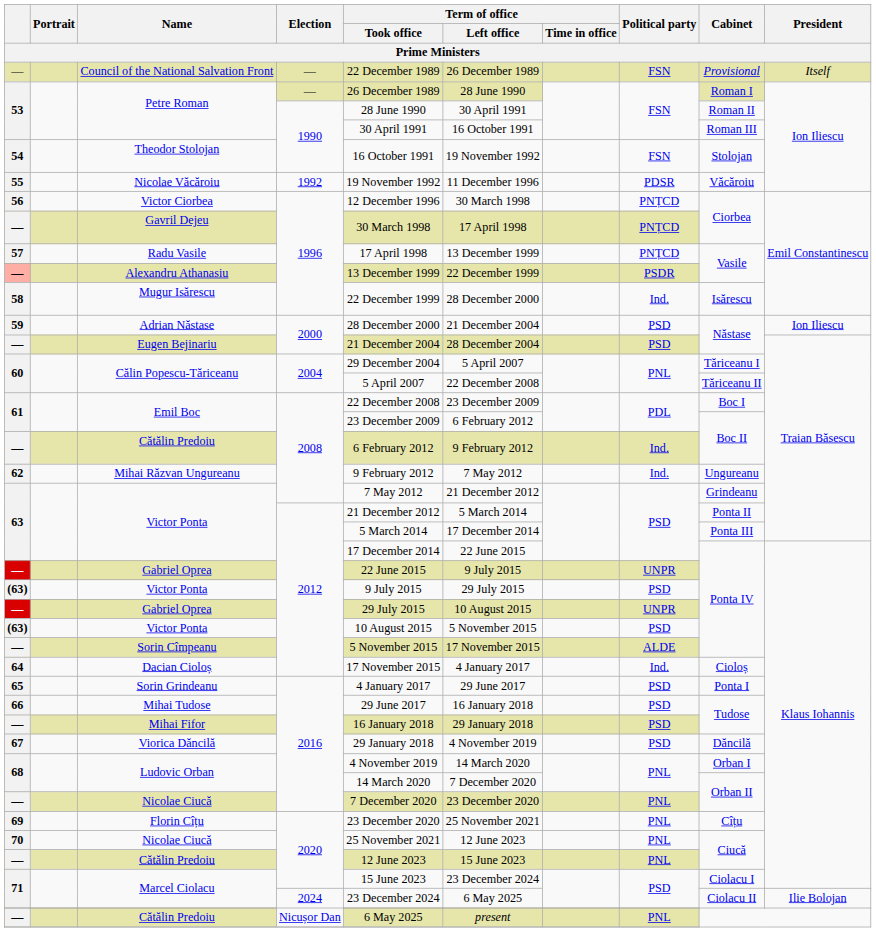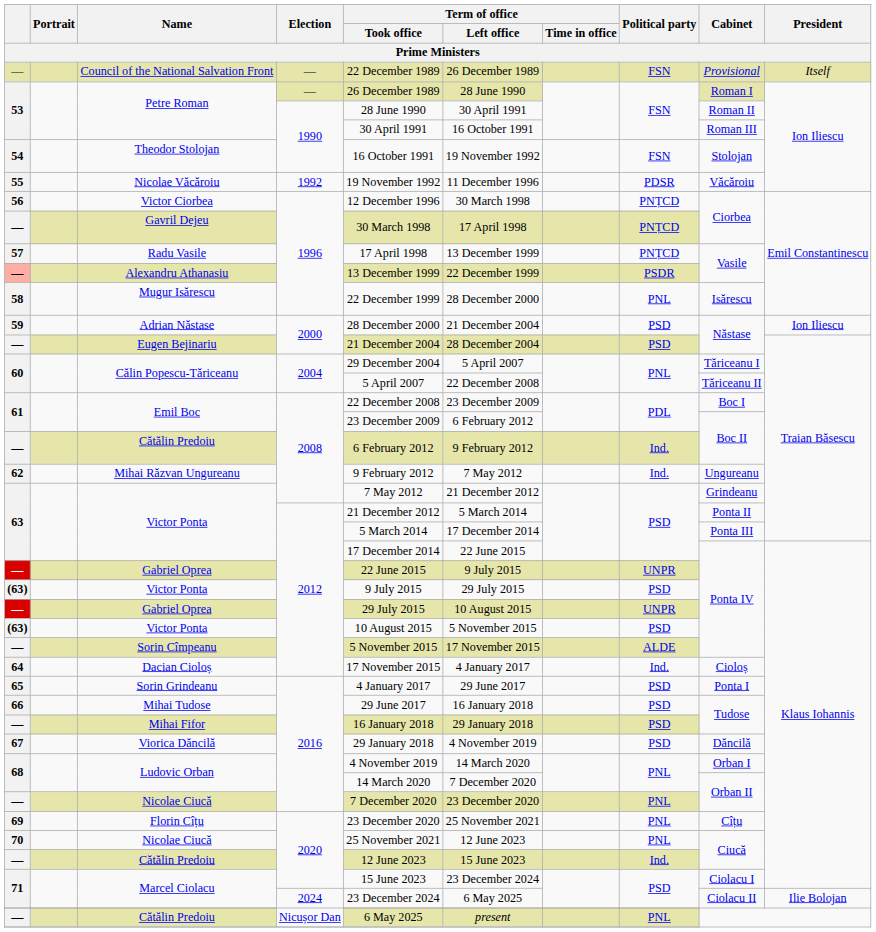 <table class="wikitable" style="text-align:center;">
 <tr>
 <th rowspan="2"></th>
 <th rowspan="2">Portrait</th>
 <th rowspan="2">Name<br></th>
 <th rowspan="2">Election</th>
 <th colspan="3">Term of office</th>
 <th rowspan="2">Political party</th>
 <th rowspan="2">Cabinet</th>
 <th rowspan="2">President<br></th>
 </tr>
 <tr>
 <th>Took office</th>
 <th>Left office</th>
 <th>Time in office</th>
 </tr>
 <tr>
 <th colspan=10>Prime Ministers<br></th>
 </tr>
 <tr style="background:#e6e6aa;">
 <td style="background:">—</td>
 <td></td>
 <td><a href='#'>Council of the National Salvation Front</a></td>
 <td>—</td>
 <td>22 December 1989</td>
 <td>26 December 1989</td>
 <td></td>
 <td><a href='#'>FSN</a></td>
 <td><em><a href='#'>Provisional</a></em></td>
 <td><em>Itself</em></td>
 </tr>
 <tr>
 <th rowspan=3 style="background:">53</th>
 <td rowspan=3></td>
 <td rowspan=3><a href='#'>Petre Roman</a><br><br></td>
 <td style="background:#e6e6aa;">—</td>
 <td style="background:#e6e6aa;">26 December 1989</td>
 <td style="background:#e6e6aa;">28 June 1990</td>
 <td rowspan=3></td>
 <td rowspan=3><a href='#'>FSN</a></td>
 <td style="background:#e6e6aa;"><a href='#'>Roman I</a></td>
 <td rowspan=5><a href='#'>Ion Iliescu</a></td>
 </tr>
 <tr>
 <td rowspan=3><a href='#'>1990</a></td>
 <td>28 June 1990</td>
 <td>30 April 1991</td>
 <td><a href='#'>Roman II</a></td>
 </tr>
 <tr>
 <td>30 April 1991</td>
 <td>16 October 1991</td>
 <td><a href='#'>Roman III</a></td>
 </tr>
 <tr>
 <th style="background:">54</th>
 <td></td>
 <td><a href='#'>Theodor Stolojan</a><br><br></td>
 <td>16 October 1991</td>
 <td>19 November 1992</td>
 <td></td>
 <td><a href='#'>FSN</a></td>
 <td><a href='#'>Stolojan</a></td>
 </tr>
 <tr>
 <th style="background:">55</th>
 <td></td>
 <td><a href='#'>Nicolae Văcăroiu</a><br></td>
 <td><a href='#'>1992</a></td>
 <td>19 November 1992</td>
 <td>11 December 1996</td>
 <td></td>
 <td><a href='#'>PDSR</a></td>
 <td><a href='#'>Văcăroiu</a></td>
 </tr>
 <tr>
 <th style="background:">56</th>
 <td></td>
 <td><a href='#'>Victor Ciorbea</a><br></td>
 <td rowspan=5><a href='#'>1996</a></td>
 <td>12 December 1996</td>
 <td>30 March 1998</td>
 <td></td>
 <td><a href='#'>PNȚCD</a></td>
 <td rowspan=2><a href='#'>Ciorbea</a></td>
 <td rowspan=5><a href='#'>Emil Constantinescu</a></td>
 </tr>
 <tr style="background:#e6e6aa;">
 <th style="background:">—</th>
 <td></td>
 <td><a href='#'>Gavril Dejeu</a><br><br></td>
 <td>30 March 1998</td>
 <td>17 April 1998</td>
 <td></td>
 <td><a href='#'>PNȚCD</a></td>
 </tr>
 <tr>
 <th style="background:">57</th>
 <td></td>
 <td><a href='#'>Radu Vasile</a><br></td>
 <td>17 April 1998</td>
 <td>13 December 1999</td>
 <td></td>
 <td><a href='#'>PNȚCD</a></td>
 <td rowspan=2><a href='#'>Vasile</a></td>
 </tr>
 <tr style="background:#e6e6aa;">
 <th style="background:#FFAEA5;">—</th>
 <td></td>
 <td><a href='#'>Alexandru Athanasiu</a><br></td>
 <td>13 December 1999</td>
 <td>22 December 1999</td>
 <td></td>
 <td><a href='#'>PSDR</a></td>
 </tr>
 <tr>
 <th style="background:">58</th>
 <td></td>
 <td><a href='#'>Mugur Isărescu</a><br><br></td>
 <td>22 December 1999</td>
 <td>28 December 2000</td>
 <td></td>
-<td><a href='#'>Ind.</a></td>
+<td><a href='#'>PNL</a></td>
 <td><a href='#'>Isărescu</a></td>
 </tr>
 <tr>
 <th style="background:">59</th>
 <td></td>
 <td><a href='#'>Adrian Năstase</a><br></td>
 <td rowspan=2><a href='#'>2000</a></td>
 <td>28 December 2000</td>
 <td>21 December 2004</td>
 <td></td>
 <td><a href='#'>PSD</a></td>
 <td rowspan=2><a href='#'>Năstase</a></td>
 <td><a href='#'>Ion Iliescu</a></td>
 </tr>
 <tr>
 <th style="background:">—</th>
 <td style="background:#e6e6aa;"></td>
 <td style="background:#e6e6aa;"><a href='#'>Eugen Bejinariu</a><br></td>
 <td style="background:#e6e6aa;">21 December 2004</td>
 <td style="background:#e6e6aa;">28 December 2004</td>
 <td style="background:#e6e6aa;"></td>
 <td style="background:#e6e6aa;"><a href='#'>PSD</a></td>
 <td rowspan=10><a href='#'>Traian Băsescu</a></td>
 </tr>
 <tr>
 <th rowspan=2 style="background:">60</th>
 <td rowspan=2></td>
 <td rowspan=2><a href='#'>Călin Popescu-Tăriceanu</a><br></td>
 <td rowspan=2><a href='#'>2004</a></td>
 <td>29 December 2004</td>
 <td>5 April 2007</td>
 <td rowspan=2></td>
 <td rowspan=2><a href='#'>PNL</a></td>
 <td><a href='#'>Tăriceanu I</a></td>
 </tr>
 <tr>
 <td>5 April 2007</td>
 <td>22 December 2008</td>
 <td><a href='#'>Tăriceanu II</a></td>
 </tr>
 <tr>
 <th rowspan=2 style="background:">61</th>
 <td rowspan=2></td>
 <td rowspan=2><a href='#'>Emil Boc</a><br></td>
 <td rowspan=5><a href='#'>2008</a></td>
 <td>22 December 2008</td>
 <td>23 December 2009</td>
 <td rowspan=2></td>
 <td rowspan=2><a href='#'>PDL</a></td>
 <td><a href='#'>Boc I</a></td>
 </tr>
 <tr>
 <td>23 December 2009</td>
 <td>6 February 2012</td>
 <td rowspan=2><a href='#'>Boc II</a></td>
 </tr>
 <tr style="background:#e6e6aa;">
 <th style="background:">—</th>
 <td></td>
 <td><a href='#'>Cătălin Predoiu</a><br><br></td>
 <td>6 February 2012</td>
 <td>9 February 2012</td>
 <td></td>
 <td><a href='#'>Ind.</a></td>
 </tr>
 <tr>
 <th style="background:">62</th>
 <td></td>
 <td><a href='#'>Mihai Răzvan Ungureanu</a><br></td>
 <td>9 February 2012</td>
 <td>7 May 2012</td>
 <td></td>
 <td><a href='#'>Ind.</a></td>
 <td><a href='#'>Ungureanu</a></td>
 </tr>
 <tr>
 <th rowspan=4 style="background:">63</th>
 <td rowspan=4></td>
 <td rowspan=4><a href='#'>Victor Ponta</a><br></td>
 <td>7 May 2012</td>
 <td>21 December 2012</td>
 <td rowspan=4></td>
 <td rowspan=4><a href='#'>PSD</a></td>
 <td><a href='#'>Grindeanu</a></td>
 </tr>
 <tr>
 <td rowspan=9><a href='#'>2012</a></td>
 <td>21 December 2012</td>
 <td>5 March 2014</td>
 <td><a href='#'>Ponta II</a></td>
 </tr>
 <tr>
 <td>5 March 2014</td>
 <td>17 December 2014</td>
 <td><a href='#'>Ponta III</a></td>
 </tr>
 <tr>
 <td>17 December 2014</td>
 <td>22 June 2015</td>
 <td rowspan=6><a href='#'>Ponta IV</a></td>
 <td rowspan=19><a href='#'>Klaus Iohannis</a></td>
 </tr>
 <tr style="background:#e6e6aa;">
 <th style="background:#D90000; color:white;">—</th>
 <td></td>
 <td><a href='#'>Gabriel Oprea</a><br></td>
 <td>22 June 2015</td>
 <td>9 July 2015</td>
 <td></td>
 <td><a href='#'>UNPR</a></td>
 </tr>
 <tr>
 <th style="background:">(63)</th>
 <td></td>
 <td><a href='#'>Victor Ponta</a><br></td>
 <td>9 July 2015</td>
 <td>29 July 2015</td>
 <td></td>
 <td><a href='#'>PSD</a></td>
 </tr>
 <tr style="background:#e6e6aa;">
 <th style="background:#D90000; color:white;">—</th>
 <td></td>
 <td><a href='#'>Gabriel Oprea</a><br></td>
 <td>29 July 2015</td>
 <td>10 August 2015</td>
 <td></td>
 <td><a href='#'>UNPR</a></td>
 </tr>
 <tr>
 <th style="background:">(63)</th>
 <td></td>
 <td><a href='#'>Victor Ponta</a><br></td>
 <td>10 August 2015</td>
 <td>5 November 2015</td>
 <td></td>
 <td><a href='#'>PSD</a></td>
 </tr>
 <tr style="background:#e6e6aa;">
 <th style="background:">—</th>
 <td></td>
 <td><a href='#'>Sorin Cîmpeanu</a><br></td>
 <td>5 November 2015</td>
 <td>17 November 2015</td>
 <td></td>
 <td><a href='#'>ALDE</a></td>
 </tr>
 <tr>
 <th style="background:">64</th>
 <td></td>
 <td><a href='#'>Dacian Cioloș</a><br></td>
 <td>17 November 2015</td>
 <td>4 January 2017</td>
 <td></td>
 <td><a href='#'>Ind.</a></td>
 <td><a href='#'>Cioloș</a></td>
 </tr>
 <tr>
 <th style="background:">65</th>
 <td></td>
 <td><a href='#'>Sorin Grindeanu</a><br></td>
 <td rowspan=7><a href='#'>2016</a></td>
 <td>4 January 2017</td>
 <td>29 June 2017</td>
 <td></td>
 <td><a href='#'>PSD</a></td>
 <td><a href='#'>Ponta I</a></td>
 </tr>
 <tr>
 <th style="background:">66</th>
 <td></td>
 <td><a href='#'>Mihai Tudose</a><br></td>
 <td>29 June 2017</td>
 <td>16 January 2018</td>
 <td></td>
 <td><a href='#'>PSD</a></td>
 <td rowspan=2><a href='#'>Tudose</a></td>
 </tr>
 <tr style="background:#e6e6aa;">
 <th style="background:">—</th>
 <td></td>
 <td><a href='#'>Mihai Fifor</a></td>
 <td>16 January 2018</td>
 <td>29 January 2018</td>
 <td></td>
 <td><a href='#'>PSD</a></td>
 </tr>
 <tr>
 <th style="background:">67</th>
 <td></td>
 <td><a href='#'>Viorica Dăncilă</a><br></td>
 <td>29 January 2018</td>
 <td>4 November 2019</td>
 <td></td>
 <td><a href='#'>PSD</a></td>
 <td><a href='#'>Dăncilă</a></td>
 </tr>
 <tr>
 <th rowspan=2 style="background:">68</th>
 <td rowspan=2></td>
 <td rowspan=2><a href='#'>Ludovic Orban</a><br></td>
 <td>4 November 2019</td>
 <td>14 March 2020</td>
 <td rowspan=2></td>
 <td rowspan=2><a href='#'>PNL</a></td>
 <td><a href='#'>Orban I</a></td>
 </tr>
 <tr>
 <td>14 March 2020</td>
 <td>7 December 2020</td>
 <td rowspan=2><a href='#'>Orban II</a></td>
 </tr>
 <tr style="background:#e6e6aa;">
 <th style="background:">—</th>
 <td></td>
 <td><a href='#'>Nicolae Ciucă</a><br></td>
 <td>7 December 2020</td>
 <td>23 December 2020</td>
 <td></td>
 <td><a href='#'>PNL</a></td>
 </tr>
 <tr>
 <th style="background:">69</th>
 <td></td>
 <td><a href='#'>Florin Cîțu</a><br></td>
 <td rowspan=4><a href='#'>2020</a></td>
 <td>23 December 2020</td>
 <td>25 November 2021</td>
 <td></td>
 <td><a href='#'>PNL</a></td>
 <td><a href='#'>Cîțu</a></td>
 </tr>
 <tr>
 <th style="background:">70</th>
 <td></td>
 <td><a href='#'>Nicolae Ciucă</a><br></td>
 <td>25 November 2021</td>
 <td>12 June 2023</td>
 <td></td>
 <td><a href='#'>PNL</a></td>
 <td rowspan=2><a href='#'>Ciucă</a></td>
 </tr>
 <tr style="background:#e6e6aa;">
 <th style="background:">—</th>
 <td></td>
 <td><a href='#'>Cătălin Predoiu</a><br></td>
 <td>12 June 2023</td>
 <td>15 June 2023</td>
 <td></td>
-<td><a href='#'>PNL</a></td>
+<td><a href='#'>Ind.</a></td>
 </tr>
 <tr>
 <th rowspan=3 style="background:">71</th>
 <td rowspan=3></td>
 <td rowspan=3><a href='#'>Marcel Ciolacu</a><br></td>
 <td>15 June 2023</td>
 <td>23 December 2024</td>
 <td rowspan=3></td>
 <td rowspan=3><a href='#'>PSD</a></td>
 <td><a href='#'>Ciolacu I</a></td>
 </tr>
 <tr>
 <td rowspan=4><a href='#'>2024</a></td>
 <td rowspan=2>23 December 2024</td>
 <td rowspan=2>6 May 2025</td>
 <td rowspan=4><a href='#'>Ciolacu II</a></td>
 </tr>
 <tr>
 <td rowspan=2><a href='#'>Ilie Bolojan</a></td>
 </tr>
 <tr>
 </tr>
 <tr style="background:#e6e6aa;">
 <th rowspan=2 style="background:">—</th>
 <td rowspan=2></td>
 <td rowspan=2><a href='#'>Cătălin Predoiu</a><br></td>
 <td rowspan=2>6 May 2025</td>
 <td rowspan=2><em>present</em></td>
 <td rowspan=2></td>
 <td rowspan=2><a href='#'>PNL</a></td>
 </tr>
 <tr>
 <td rowspan=1><a href='#'>Nicușor Dan</a></td>
 </tr>
 <tr>
 </tr>
 </table>
